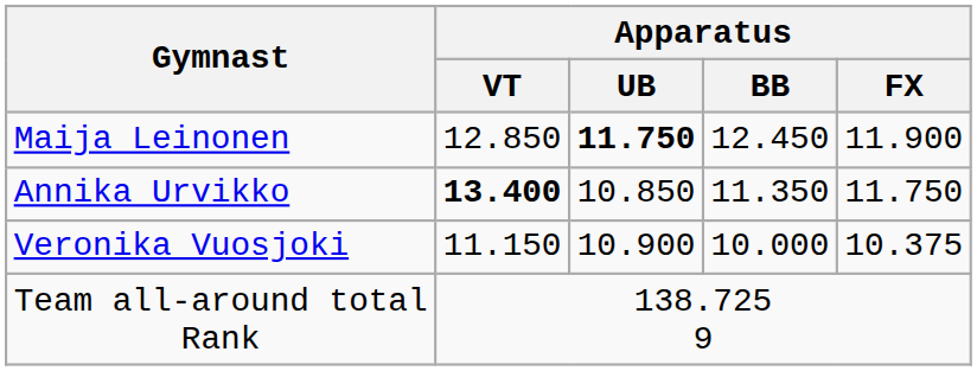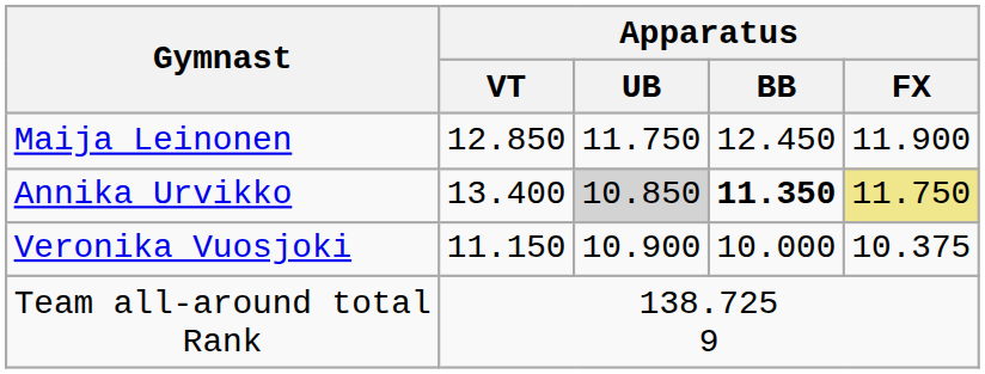 <table class="wikitable" style="white-space:nowrap;">
 <tr>
 <th rowspan=2>Gymnast</th>
 <th colspan=6>Apparatus</th>
 </tr>
 <tr>
 <th>VT</th>
 <th>UB</th>
 <th>BB</th>
 <th>FX</th>
 </tr>
 <tr align=center>
 <td align=left><a href='#'>Maija Leinonen</a></td>
 <td>12.850</td>
-<td><strong>11.750</strong></td>
+<td>11.750</td>
 <td>12.450</td>
 <td>11.900</td>
 </tr>
 <tr align=center>
 <td align=left><a href='#'>Annika Urvikko</a></td>
-<td><strong>13.400</strong></td>
-<td>10.850</td>
-<td>11.350</td>
-<td>11.750</td>
+<td>13.400</td>
+<td style="background: lightgrey;">10.850</td>
+<td><strong>11.350</strong></td>
+<td style="background: khaki;">11.750</td>
 </tr>
 <tr align=center>
 <td align=left><a href='#'>Veronika Vuosjoki</a></td>
 <td>11.150</td>
 <td>10.900</td>
 <td>10.000</td>
 <td>10.375</td>
 </tr>
 <tr align=center>
 <td>Team all-around total<br>Rank</td>
 <td colspan=6>138.725<br>9</td>
 </tr>
 </table>
